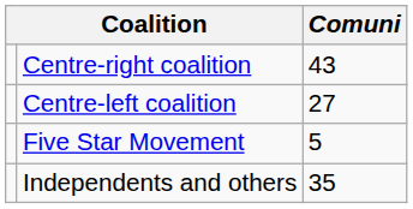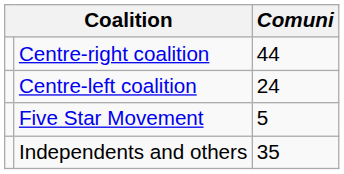 <table class="wikitable">
 <tr>
 <th colspan=2>Coalition</th>
 <th><em>Comuni</em></th>
 </tr>
 <tr>
 <td style="color:inherit;background:"></td>
 <td><a href='#'>Centre-right coalition</a></td>
-<td>43</td>
+<td>44</td>
 </tr>
 <tr>
 <td style="color:inherit;background:"></td>
 <td><a href='#'>Centre-left coalition</a></td>
-<td>27</td>
+<td>24</td>
 </tr>
 <tr>
 <td style="color:inherit;background:"></td>
 <td><a href='#'>Five Star Movement</a></td>
 <td>5</td>
 </tr>
 <tr>
 <td style="color:inherit;background:"></td>
 <td>Independents and others</td>
 <td>35</td>
 </tr>
 </table>
